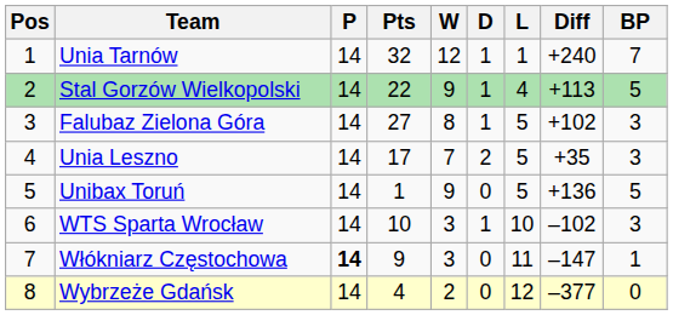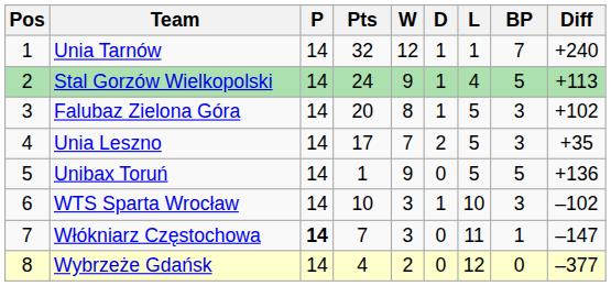 <table class="wikitable" style="font-size: 100%">
 <tr>
 <th width=20>Pos</th>
 <th width=200>Team</th>
 <th width=20>P</th>
 <th width=40>Pts</th>
 <th width=20>W</th>
 <th width=20>D</th>
 <th width=20>L</th>
+<th width=40>BP</th>
 <th width=40>Diff</th>
-<th width=40>BP</th>
 </tr>
 <tr align=center>
 <td>1</td>
 <td align="left"><a href='#'>Unia Tarnów</a></td>
 <td>14</td>
 <td>32</td>
 <td>12</td>
 <td>1</td>
 <td>1</td>
+<td>7</td>
 <td>+240</td>
-<td>7</td>
 </tr>
 <tr align=center style="background:#ACE1AF;">
 <td>2</td>
 <td align="left"><a href='#'>Stal Gorzów Wielkopolski</a></td>
 <td>14</td>
-<td>22</td>
+<td>24</td>
 <td>9</td>
 <td>1</td>
 <td>4</td>
+<td>5</td>
 <td>+113</td>
-<td>5</td>
 </tr>
 <tr align=center>
 <td>3</td>
 <td align="left"><a href='#'>Falubaz Zielona Góra</a></td>
 <td>14</td>
-<td>27</td>
+<td>20</td>
 <td>8</td>
 <td>1</td>
 <td>5</td>
+<td>3</td>
 <td>+102</td>
-<td>3</td>
 </tr>
 <tr align=center>
 <td>4</td>
 <td align="left"><a href='#'>Unia Leszno</a></td>
 <td>14</td>
 <td>17</td>
 <td>7</td>
 <td>2</td>
 <td>5</td>
+<td>3</td>
 <td>+35</td>
-<td>3</td>
 </tr>
 <tr align=center>
 <td>5</td>
 <td align="left"><a href='#'>Unibax Toruń</a></td>
 <td>14</td>
 <td>1</td>
 <td>9</td>
 <td>0</td>
 <td>5</td>
+<td>5</td>
 <td>+136</td>
-<td>5</td>
 </tr>
 <tr align=center>
 <td>6</td>
 <td align="left"><a href='#'>WTS Sparta Wrocław</a></td>
 <td>14</td>
 <td>10</td>
 <td>3</td>
 <td>1</td>
 <td>10</td>
+<td>3</td>
 <td>–102</td>
-<td>3</td>
 </tr>
 <tr align=center>
 <td>7</td>
 <td align="left"><a href='#'>Włókniarz Częstochowa</a></td>
 <td><strong>14</strong></td>
-<td>9</td>
+<td>7</td>
 <td>3</td>
 <td>0</td>
 <td>11</td>
+<td>1</td>
 <td>–147</td>
-<td>1</td>
 </tr>
 <tr align=center style="background: #ffffcc;">
 <td>8</td>
 <td align="left"><a href='#'>Wybrzeże Gdańsk</a></td>
 <td>14</td>
 <td>4</td>
 <td>2</td>
 <td>0</td>
 <td>12</td>
+<td>0</td>
 <td>–377</td>
-<td>0</td>
 </tr>
 </table>
